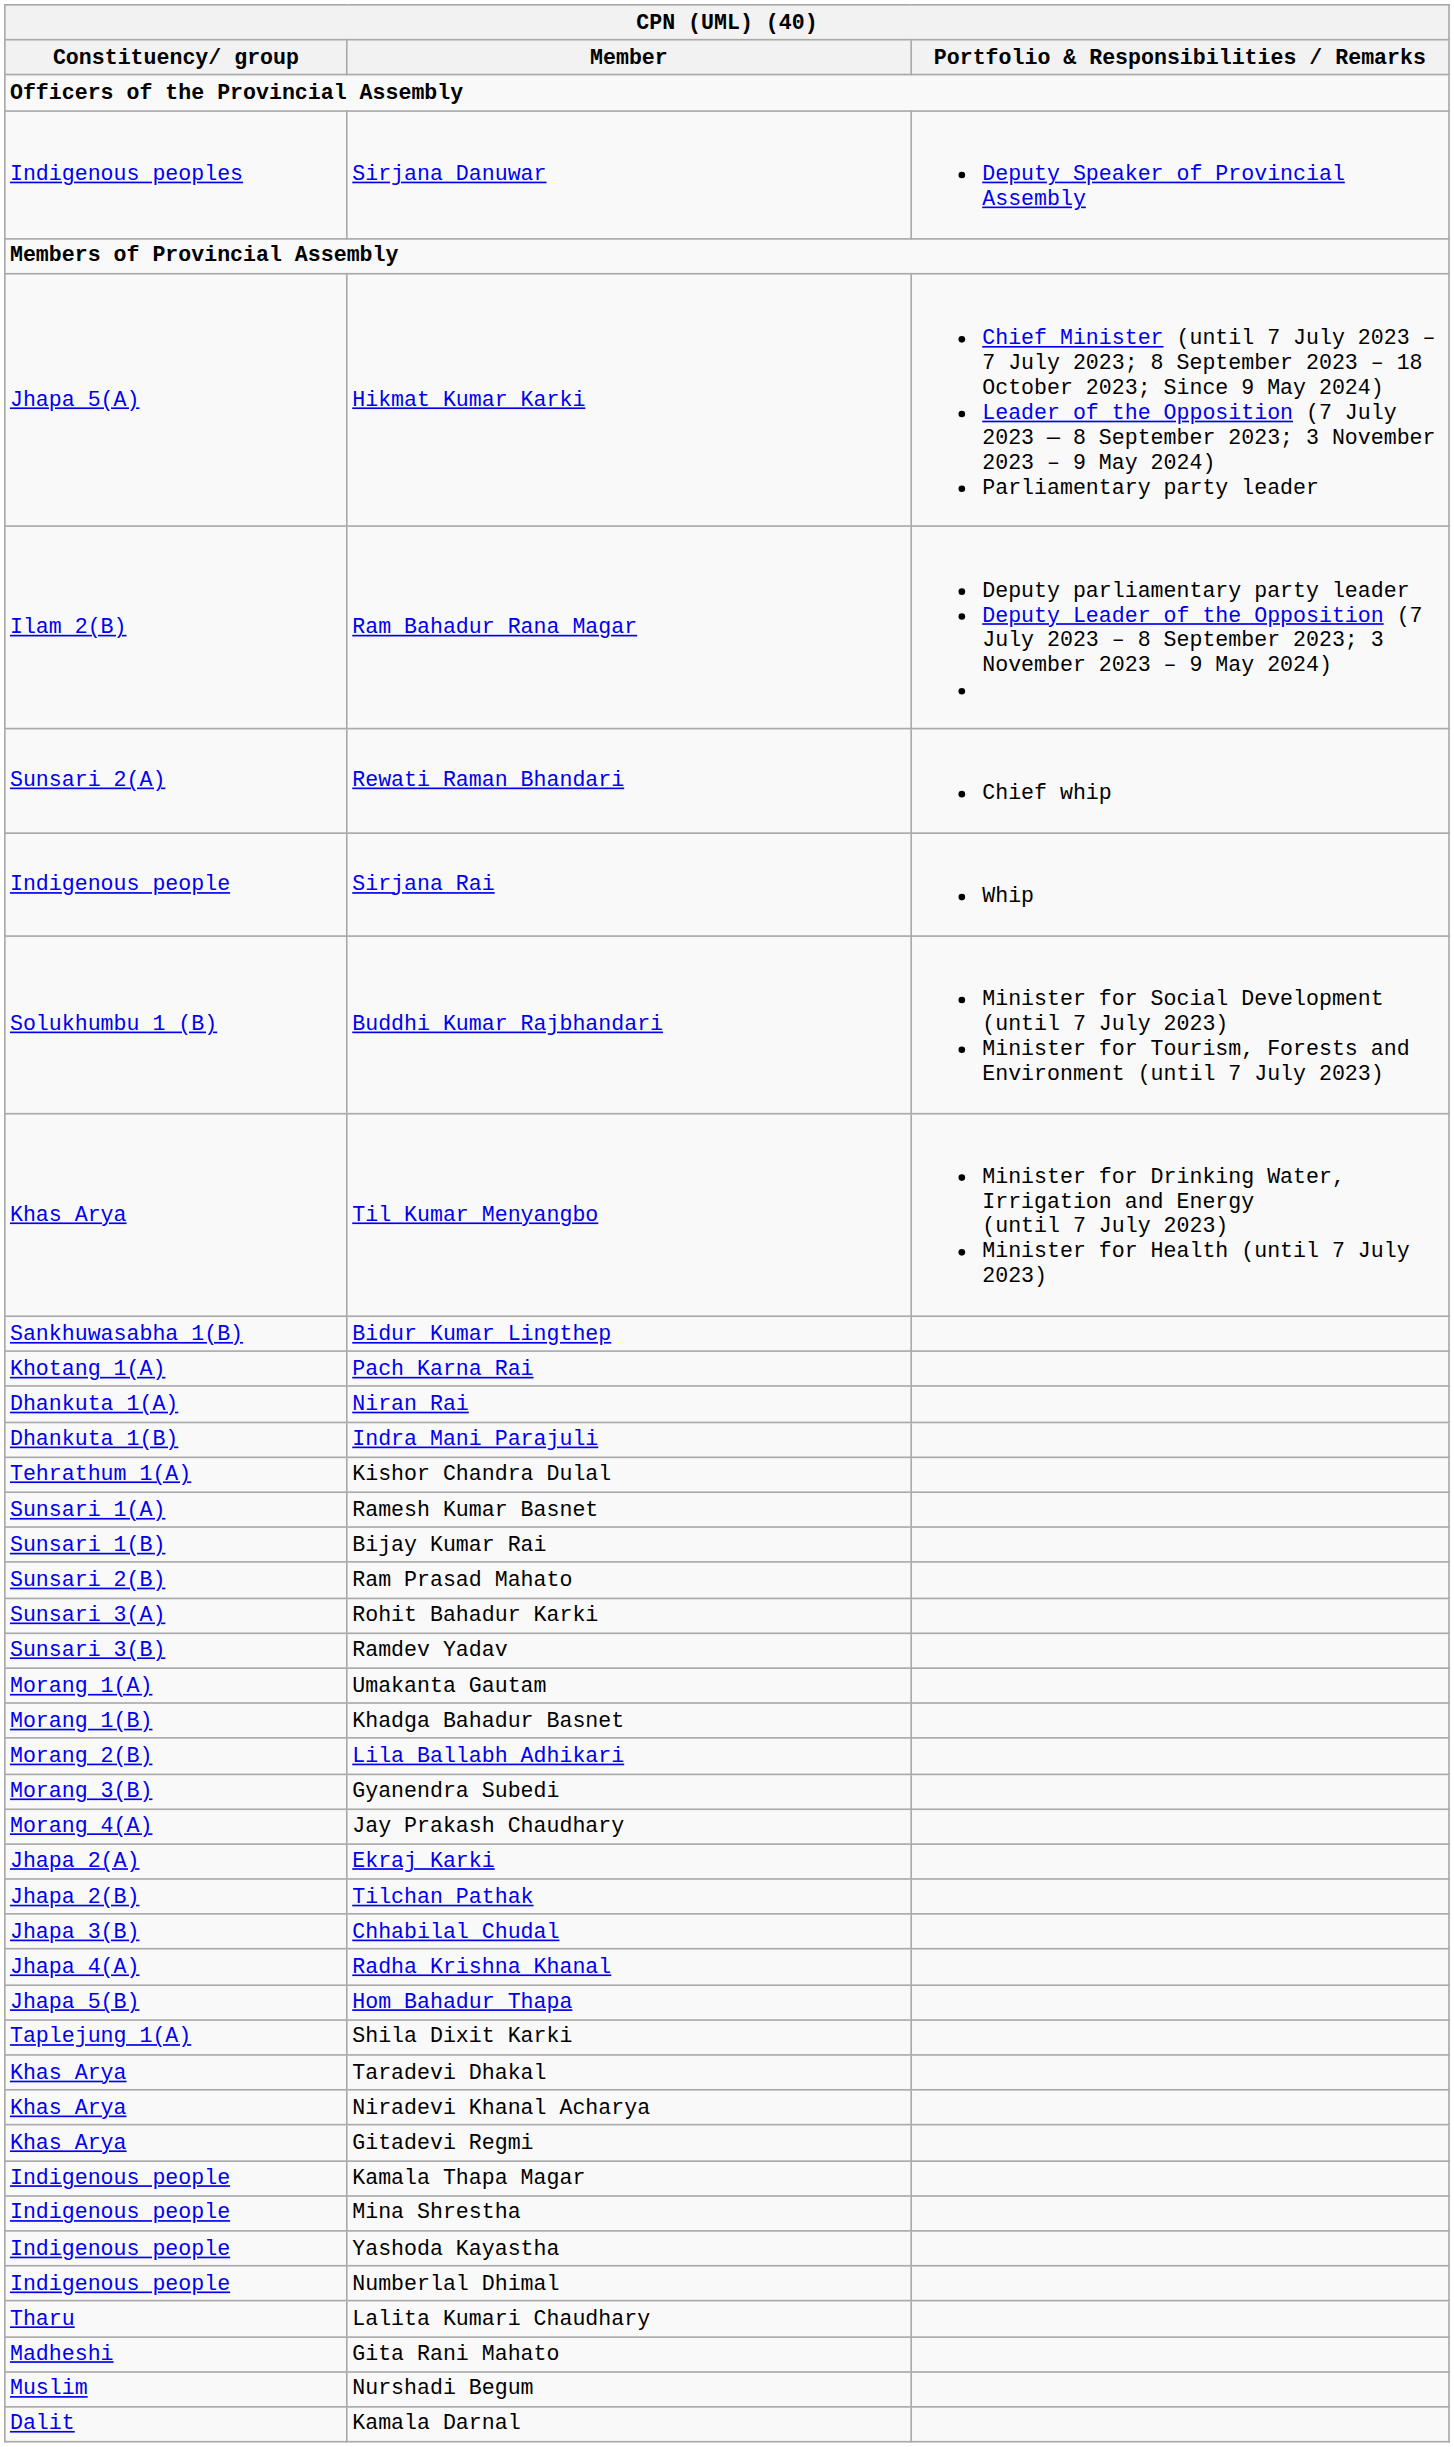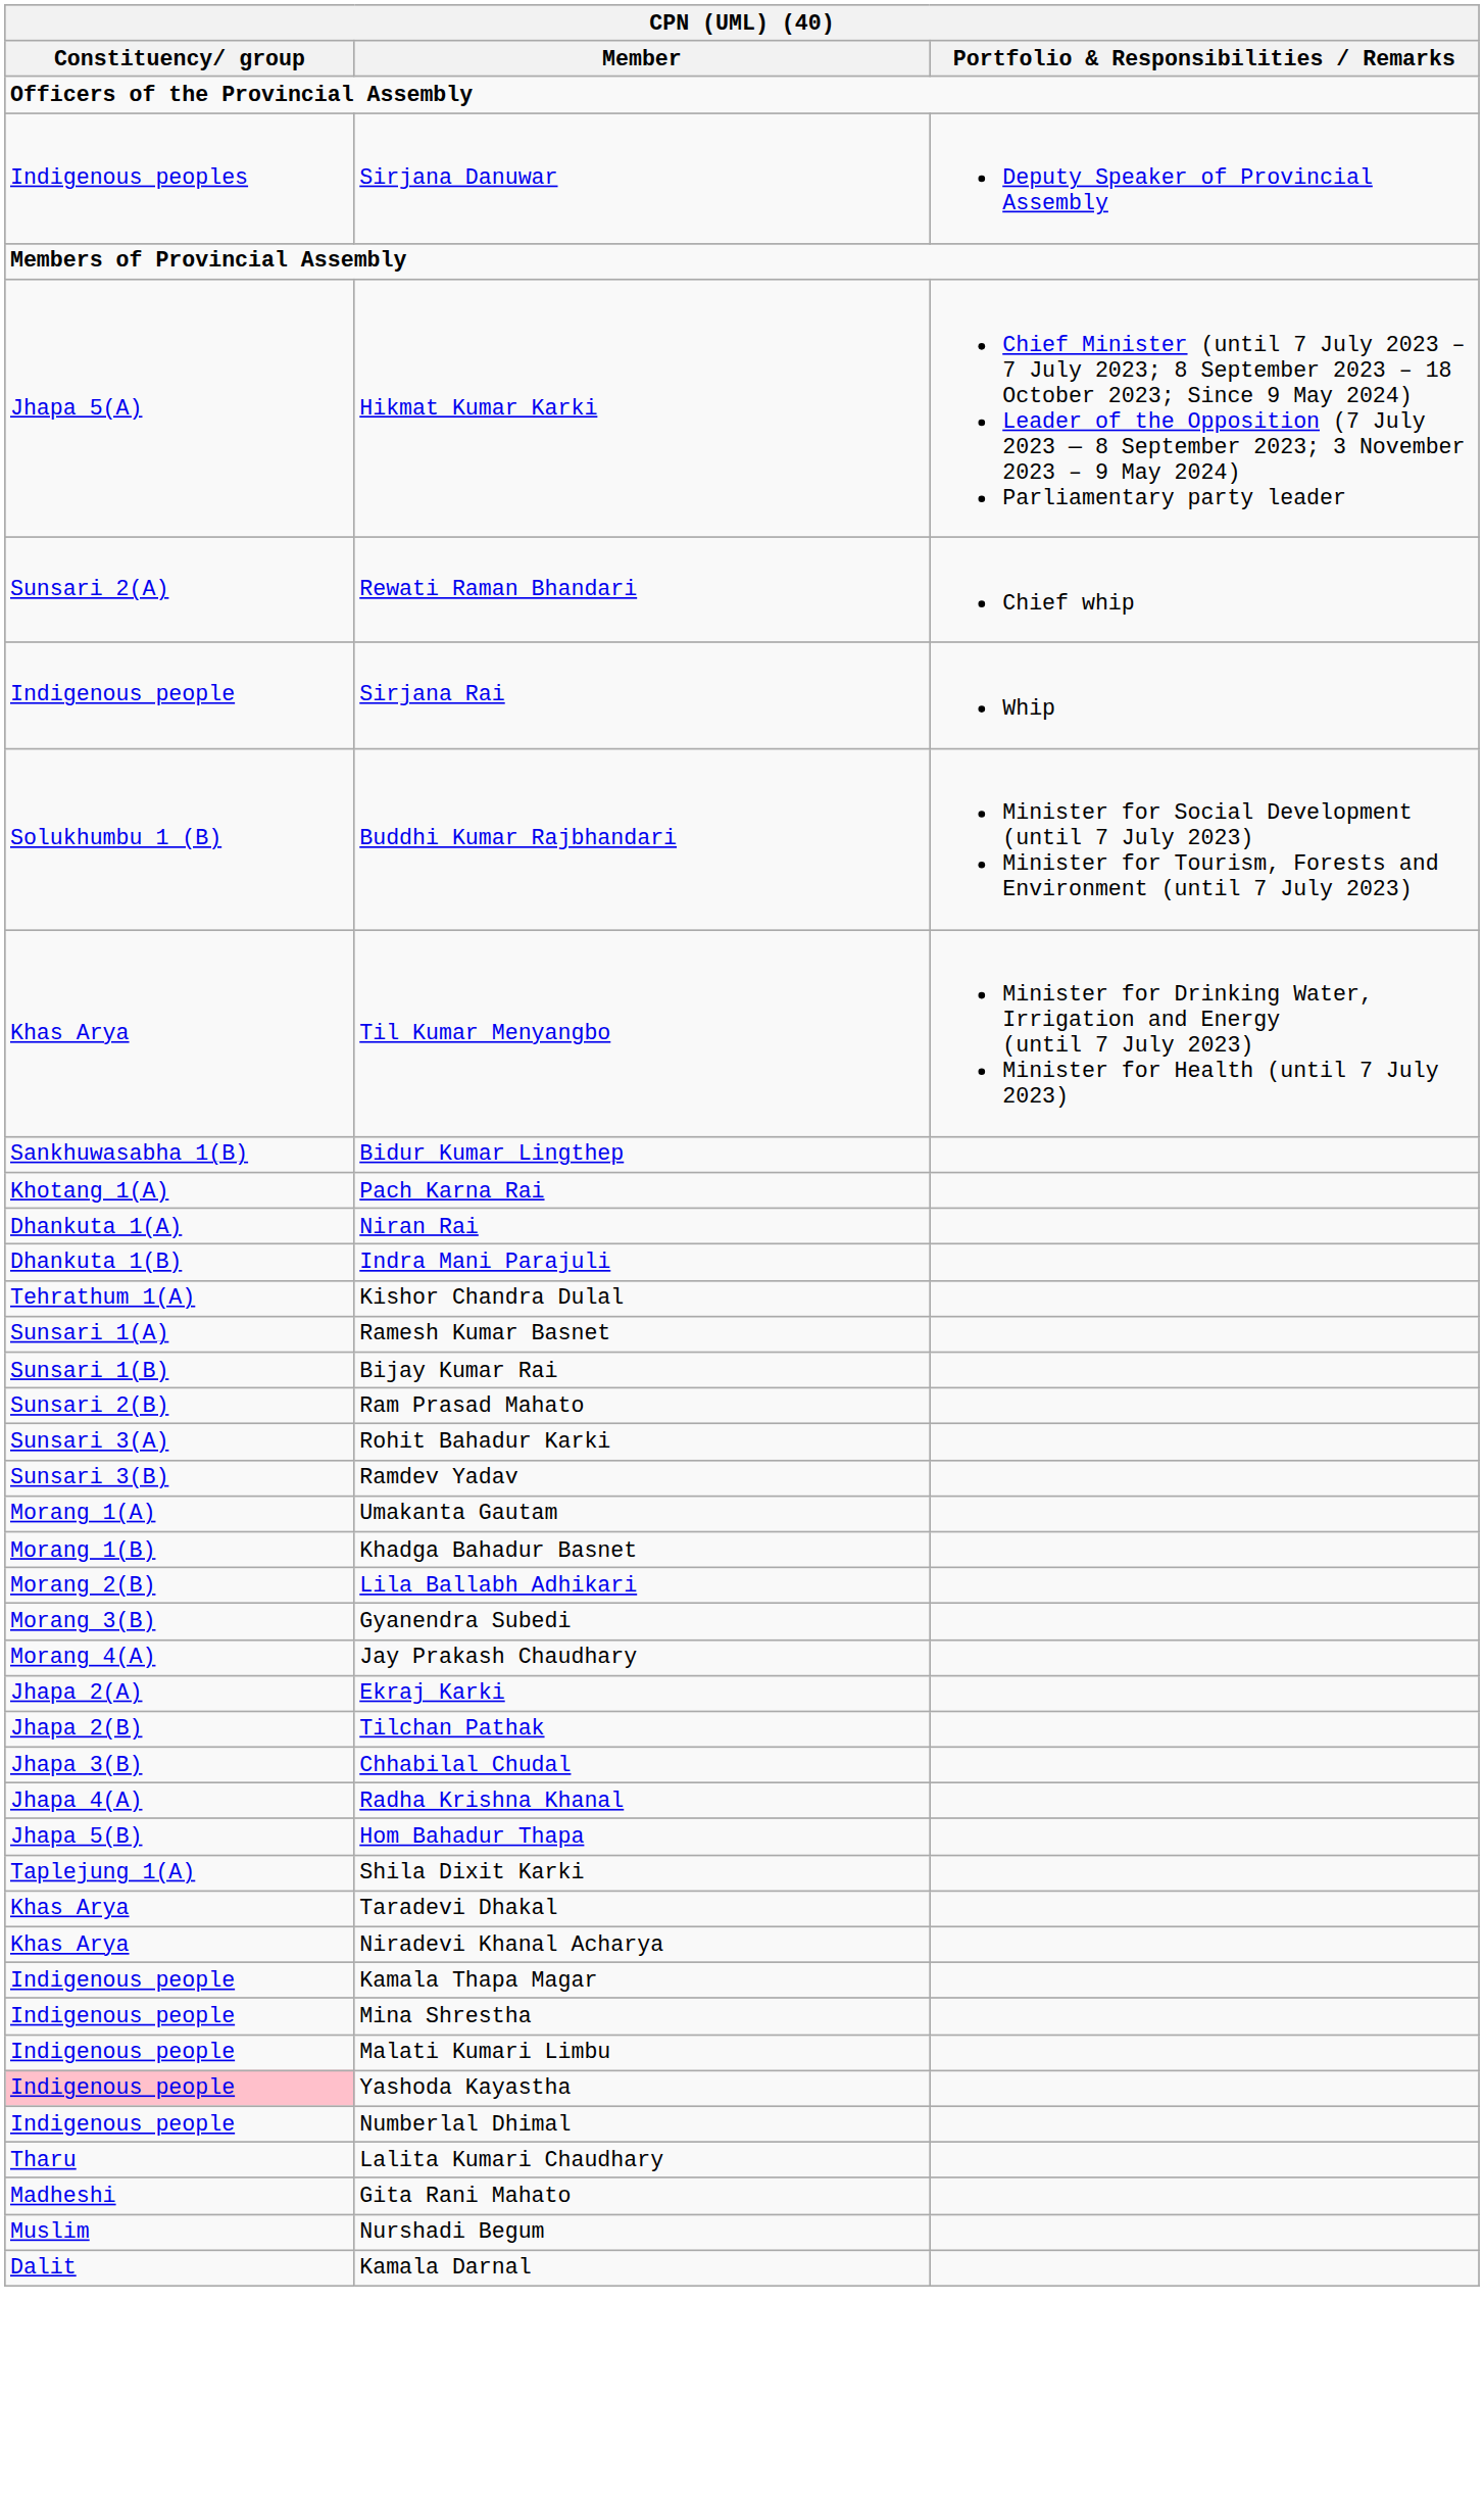 <table class="wikitable sortable mw-collapsible mw-collapsed">
 <tr>
 <th colspan="3" style="width: 800pt; background:">CPN (UML) (40)</th>
 </tr>
 <tr>
 <th style="width:150pt;">Constituency/ group</th>
 <th style="width:250pt;">Member</th>
 <th>Portfolio & Responsibilities / Remarks</th>
 </tr>
 <tr>
 <td colspan="3"><strong>Officers of the Provincial Assembly</strong></td>
 </tr>
 <tr>
 <td><a href='#'>Indigenous peoples</a></td>
 <td><a href='#'>Sirjana Danuwar</a></td>
 <td><br><ul><li><a href='#'>Deputy Speaker of Provincial Assembly</a></li></ul></td>
 </tr>
 <tr>
 <td colspan="3"><strong>Members of Provincial Assembly</strong></td>
 </tr>
 <tr>
 <td><a href='#'>Jhapa 5(A)</a></td>
 <td><a href='#'>Hikmat Kumar Karki</a></td>
 <td><br><ul><li><a href='#'>Chief Minister</a> (until 7 July 2023 – 7 July 2023; 8 September 2023 – 18 October 2023; Since 9 May 2024)</li><li><a href='#'>Leader of the Opposition</a> (7 July 2023 — 8 September 2023; 3 November 2023 – 9 May 2024)</li><li>Parliamentary party leader</li></ul></td>
-</tr>
-<tr>
-<td><a href='#'>Ilam 2(B)</a></td>
-<td><a href='#'>Ram Bahadur Rana Magar</a></td>
-<td><br><ul><li>Deputy parliamentary party leader</li><li><a href='#'>Deputy Leader of the Opposition</a> (7 July 2023 – 8 September 2023; 3 November 2023 – 9 May 2024)</li><li></li></ul></td>
 </tr>
 <tr>
 <td><a href='#'>Sunsari 2(A)</a></td>
 <td><a href='#'>Rewati Raman Bhandari</a></td>
 <td><br><ul><li>Chief whip</li></ul></td>
 </tr>
 <tr>
 <td><a href='#'>Indigenous people</a></td>
 <td><a href='#'>Sirjana Rai</a></td>
 <td><br><ul><li>Whip</li></ul></td>
 </tr>
 <tr>
 <td><a href='#'>Solukhumbu 1 (B)</a></td>
 <td><a href='#'>Buddhi Kumar Rajbhandari</a></td>
 <td><br><ul><li>Minister for Social Development (until 7 July 2023)</li><li>Minister for Tourism, Forests and Environment (until 7 July 2023)</li></ul></td>
 </tr>
 <tr>
 <td><a href='#'>Khas Arya</a></td>
 <td><a href='#'>Til Kumar Menyangbo</a></td>
 <td><br><ul><li>Minister for Drinking Water, Irrigation and Energy<br>(until 7 July 2023)</li><li>Minister for Health (until 7 July 2023)</li></ul></td>
 </tr>
 <tr>
 <td><a href='#'>Sankhuwasabha 1(B)</a></td>
 <td><a href='#'>Bidur Kumar Lingthep</a></td>
 <td></td>
 </tr>
 <tr>
 <td><a href='#'>Khotang 1(A)</a></td>
 <td><a href='#'>Pach Karna Rai</a></td>
 <td></td>
 </tr>
 <tr>
 <td><a href='#'>Dhankuta 1(A)</a></td>
 <td><a href='#'>Niran Rai</a></td>
 <td></td>
 </tr>
 <tr>
 <td><a href='#'>Dhankuta 1(B)</a></td>
 <td><a href='#'>Indra Mani Parajuli</a></td>
 <td></td>
 </tr>
 <tr>
 <td><a href='#'>Tehrathum 1(A)</a></td>
 <td>Kishor Chandra Dulal</td>
 <td></td>
 </tr>
 <tr>
 <td><a href='#'>Sunsari 1(A)</a></td>
 <td>Ramesh Kumar Basnet</td>
 <td></td>
 </tr>
 <tr>
 <td><a href='#'>Sunsari 1(B)</a></td>
 <td>Bijay Kumar Rai</td>
 <td></td>
 </tr>
 <tr>
 <td><a href='#'>Sunsari 2(B)</a></td>
 <td>Ram Prasad Mahato</td>
 <td></td>
 </tr>
 <tr>
 <td><a href='#'>Sunsari 3(A)</a></td>
 <td>Rohit Bahadur Karki</td>
 <td></td>
 </tr>
 <tr>
 <td><a href='#'>Sunsari 3(B)</a></td>
 <td>Ramdev Yadav</td>
 <td></td>
 </tr>
 <tr>
 <td><a href='#'>Morang 1(A)</a></td>
 <td>Umakanta Gautam</td>
 <td></td>
 </tr>
 <tr>
 <td><a href='#'>Morang 1(B)</a></td>
 <td>Khadga Bahadur Basnet</td>
 <td></td>
 </tr>
 <tr>
 <td><a href='#'>Morang 2(B)</a></td>
 <td><a href='#'>Lila Ballabh Adhikari</a></td>
 <td></td>
 </tr>
 <tr>
 <td><a href='#'>Morang 3(B)</a></td>
 <td>Gyanendra Subedi</td>
 <td></td>
 </tr>
 <tr>
 <td><a href='#'>Morang 4(A)</a></td>
 <td>Jay Prakash Chaudhary</td>
 <td></td>
 </tr>
 <tr>
 <td><a href='#'>Jhapa 2(A)</a></td>
 <td><a href='#'>Ekraj Karki</a></td>
 <td></td>
 </tr>
 <tr>
 <td><a href='#'>Jhapa 2(B)</a></td>
 <td><a href='#'>Tilchan Pathak</a></td>
 <td></td>
 </tr>
 <tr>
 <td><a href='#'>Jhapa 3(B)</a></td>
 <td><a href='#'>Chhabilal Chudal</a></td>
 <td></td>
 </tr>
 <tr>
 <td><a href='#'>Jhapa 4(A)</a></td>
 <td><a href='#'>Radha Krishna Khanal</a></td>
 <td></td>
 </tr>
 <tr>
 <td><a href='#'>Jhapa 5(B)</a></td>
 <td><a href='#'>Hom Bahadur Thapa</a></td>
 <td></td>
 </tr>
 <tr>
 <td><a href='#'>Taplejung 1(A)</a></td>
 <td>Shila Dixit Karki</td>
 <td></td>
 </tr>
 <tr>
 <td><a href='#'>Khas Arya</a></td>
 <td>Taradevi Dhakal</td>
 <td></td>
 </tr>
 <tr>
 <td><a href='#'>Khas Arya</a></td>
 <td>Niradevi Khanal Acharya</td>
 <td></td>
 </tr>
 <tr>
-<td><a href='#'>Khas Arya</a></td>
-<td>Gitadevi Regmi</td>
-<td></td>
-</tr>
-<tr>
 <td><a href='#'>Indigenous people</a></td>
 <td>Kamala Thapa Magar</td>
 <td></td>
 </tr>
 <tr>
 <td><a href='#'>Indigenous people</a></td>
 <td>Mina Shrestha</td>
 <td></td>
 </tr>
 <tr>
 <td><a href='#'>Indigenous people</a></td>
+<td>Malati Kumari Limbu</td>
+<td></td>
+</tr>
+<tr>
+<td style="background: pink;"><a href='#'>Indigenous people</a></td>
 <td>Yashoda Kayastha</td>
 <td></td>
 </tr>
 <tr>
 <td><a href='#'>Indigenous people</a></td>
 <td>Numberlal Dhimal</td>
 <td></td>
 </tr>
 <tr>
 <td><a href='#'>Tharu</a></td>
 <td>Lalita Kumari Chaudhary</td>
 <td></td>
 </tr>
 <tr>
 <td><a href='#'>Madheshi</a></td>
 <td>Gita Rani Mahato</td>
 <td></td>
 </tr>
 <tr>
 <td><a href='#'>Muslim</a></td>
 <td>Nurshadi Begum</td>
 <td></td>
 </tr>
 <tr>
 <td><a href='#'>Dalit</a></td>
 <td>Kamala Darnal</td>
 <td></td>
 </tr>
 </table>
